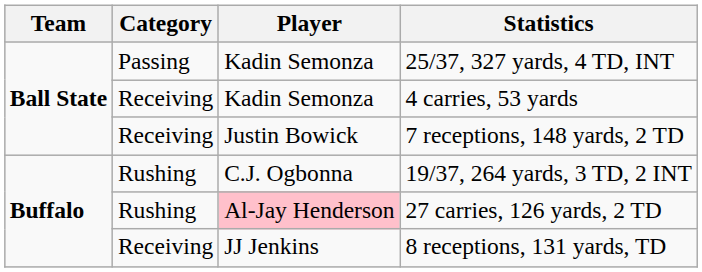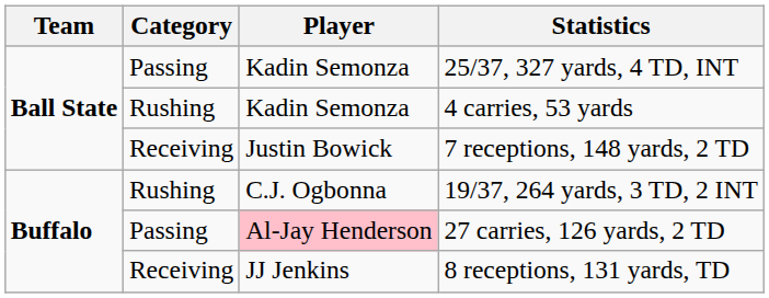 <table class="wikitable" style="float: right;">
 <tr>
 <th>Team</th>
 <th>Category</th>
 <th>Player</th>
 <th>Statistics</th>
 </tr>
 <tr>
 <td rowspan=3><strong>Ball State</strong></td>
 <td>Passing</td>
 <td>Kadin Semonza</td>
 <td>25/37, 327 yards, 4 TD, INT</td>
 </tr>
 <tr>
-<td>Receiving</td>
+<td>Rushing</td>
 <td>Kadin Semonza</td>
 <td>4 carries, 53 yards</td>
 </tr>
 <tr>
 <td>Receiving</td>
 <td>Justin Bowick</td>
 <td>7 receptions, 148 yards, 2 TD</td>
 </tr>
 <tr>
 <td rowspan=3><strong>Buffalo</strong></td>
 <td>Rushing</td>
 <td>C.J. Ogbonna</td>
 <td>19/37, 264 yards, 3 TD, 2 INT</td>
 </tr>
 <tr>
-<td>Rushing</td>
+<td>Passing</td>
 <td style="background: pink;">Al-Jay Henderson</td>
 <td>27 carries, 126 yards, 2 TD</td>
 </tr>
 <tr>
 <td>Receiving</td>
 <td>JJ Jenkins</td>
 <td>8 receptions, 131 yards, TD</td>
 </tr>
 </table>
